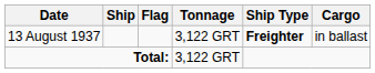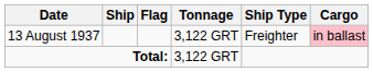 <table class="wikitable" style="margin:1em auto;">
 <tr>
 <th>Date</th>
 <th>Ship</th>
 <th>Flag</th>
 <th>Tonnage</th>
 <th>Ship Type</th>
 <th>Cargo</th>
 </tr>
 <tr>
 <td>13 August 1937</td>
 <td></td>
 <td></td>
 <td>3,122 GRT</td>
-<td><strong>Freighter</strong></td>
-<td>in ballast</td>
+<td>Freighter</td>
+<td style="background: pink;">in ballast</td>
 </tr>
 <tr>
 <td colspan=3 align=right><strong>Total:</strong></td>
 <td>3,122 GRT</td>
 <td colspan=2></td>
 </tr>
 </table>
